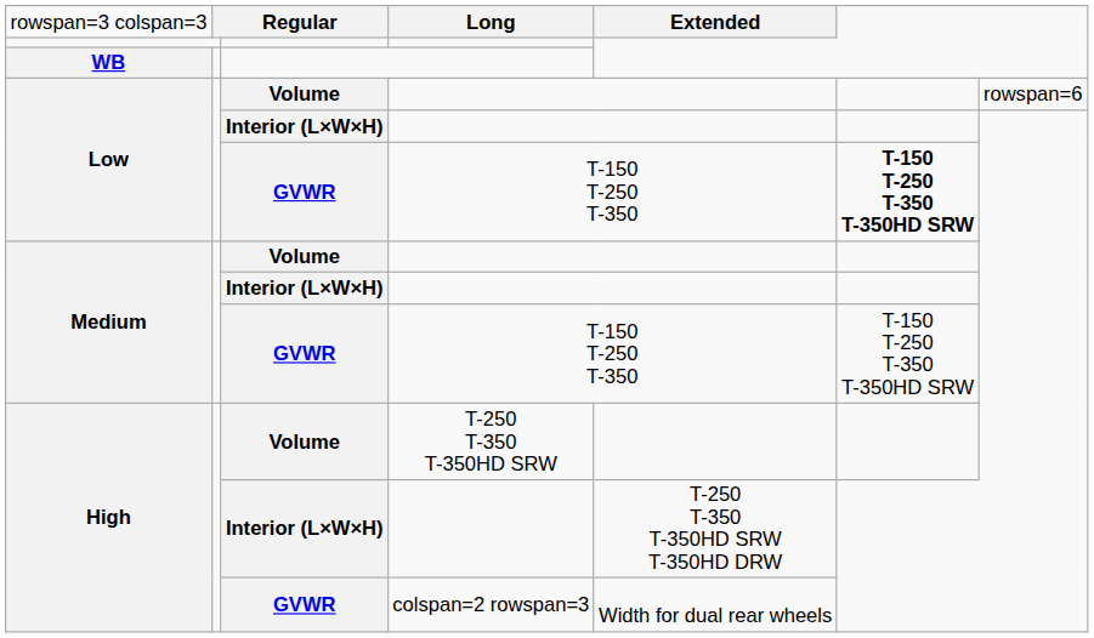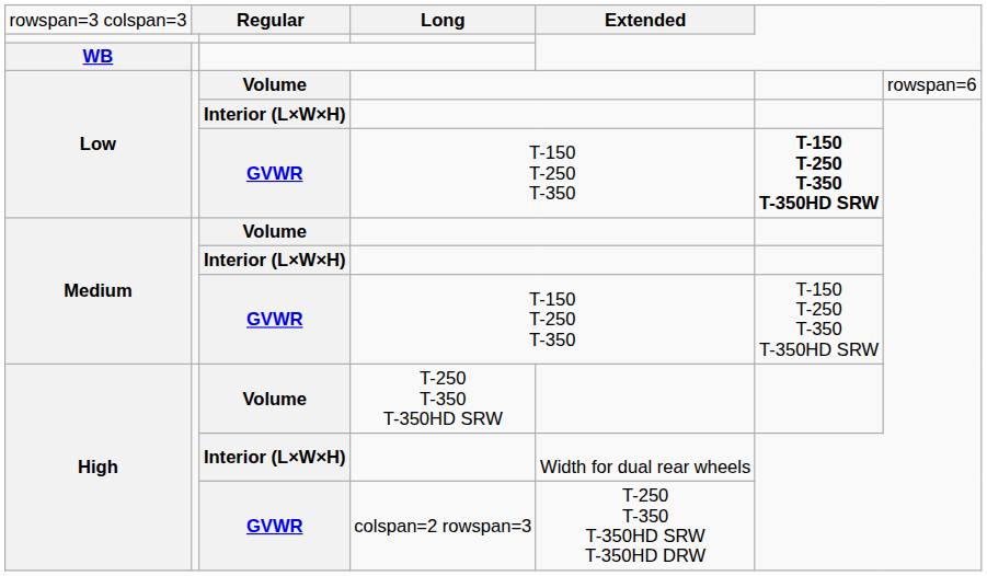 <table class="wikitable sortable" style="font-size:90%;text-align:center;">
 <tr>
 <td>rowspan=3 colspan=3 </td>
 <th colspan="2">Regular</th>
 <th>Long</th>
 <th>Extended</th>
 </tr>
 <tr>
 <td colspan="2"></td>
 <td></td>
 <td></td>
 </tr>
 <tr>
 <th><a href='#'>WB</a></th>
 <td></td>
 <td colspan="2"></td>
 </tr>
 <tr>
 <th rowspan="3">Low</th>
 <td rowspan="3"></td>
 <th>Volume</th>
 <td colspan="2"></td>
 <td></td>
 <td>rowspan=6 </td>
 </tr>
 <tr>
 <th>Interior (L×W×H)</th>
 <td colspan="2"></td>
 <td></td>
 </tr>
 <tr>
 <th><a href='#'>GVWR</a></th>
 <td colspan="2"> T-150<br> T-250<br> T-350</td>
 <td><strong> T-150<br> T-250<br> T-350<br> T-350HD SRW</strong></td>
 </tr>
 <tr>
 <th rowspan="3">Medium</th>
 <td rowspan="3"></td>
 <th>Volume</th>
 <td colspan="2"></td>
 <td></td>
 </tr>
 <tr>
 <th>Interior (L×W×H)</th>
 <td colspan="2"></td>
 <td></td>
 </tr>
 <tr>
 <th><a href='#'>GVWR</a></th>
 <td colspan="2"> T-150<br> T-250<br> T-350</td>
 <td> T-150<br> T-250<br> T-350<br> T-350HD SRW</td>
 </tr>
 <tr>
 <th rowspan="3">High</th>
 <td rowspan="3"></td>
 <th>Volume</th>
 <td> T-250<br> T-350<br> T-350HD SRW</td>
 <td></td>
 <td></td>
 </tr>
 <tr>
 <th>Interior (L×W×H)</th>
 <td></td>
-<td> T-250<br> T-350<br> T-350HD SRW<br> T-350HD DRW</td>
+<td><br>Width  for dual rear wheels</td>
 </tr>
 <tr>
 <th><a href='#'>GVWR</a></th>
 <td>colspan=2 rowspan=3 </td>
-<td><br>Width  for dual rear wheels</td>
+<td> T-250<br> T-350<br> T-350HD SRW<br> T-350HD DRW</td>
 </tr>
 </table>
